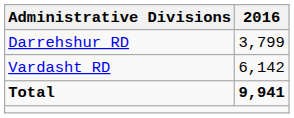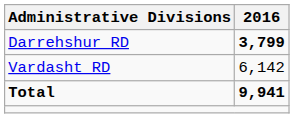 <table class="wikitable">
 <tr>
 <th>Administrative Divisions</th>
 <th>2016</th>
 </tr>
 <tr>
 <td><a href='#'>Darrehshur RD</a></td>
-<td style="text-align: right;">3,799</td>
+<td style="text-align: right;"><strong>3,799</strong></td>
 </tr>
 <tr>
 <td><a href='#'>Vardasht RD</a></td>
 <td style="text-align: right;">6,142</td>
 </tr>
 <tr>
 <td><strong>Total</strong></td>
 <td style="text-align: right;"><strong>9,941</strong></td>
 </tr>
 <tr>
 <td colspan=2></td>
 </tr>
 </table>
